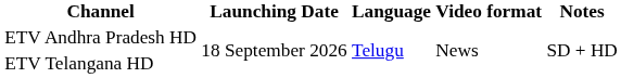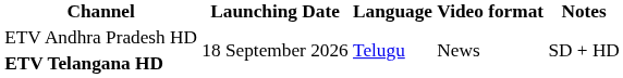 <table wikitable>
 <tr style=>
 <th>Channel</th>
 <th>Launching Date</th>
 <th>Language</th>
 <th>Video format</th>
 <th>Notes</th>
 </tr>
 <tr>
 <td>ETV Andhra Pradesh HD</td>
 <td rowspan=2 align=>18 September 2026</td>
 <td rowspan=2 align=><a href='#'>Telugu</a></td>
 <td rowspan=2 align=>News</td>
 <td rowspan=2 align=>SD + HD</td>
 </tr>
 <tr>
-<td>ETV Telangana HD</td>
+<td><strong>ETV Telangana HD</strong></td>
 <td></td>
 </tr>
 </table>
